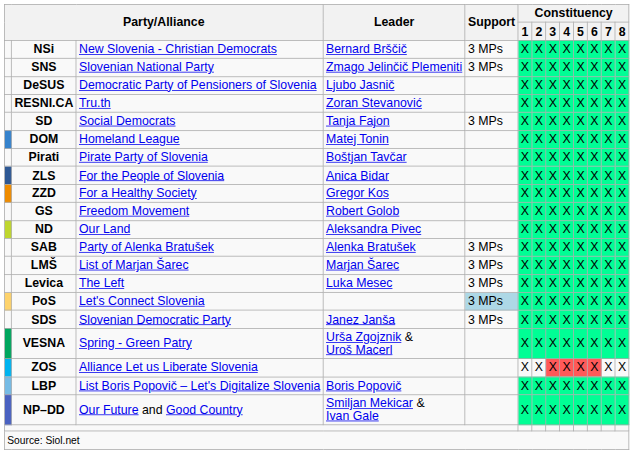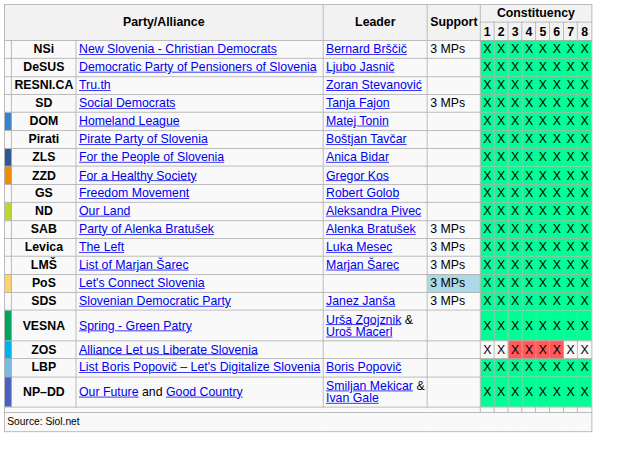 <table class="wikitable collapsible collapsed" style="line-height:16px;">
 <tr>
 <th colspan="3" rowspan="2">Party/Alliance</th>
 <th rowspan="2">Leader</th>
 <th rowspan="2">Support</th>
 <th colspan="8">Constituency</th>
 </tr>
 <tr>
 <th>1</th>
 <th>2</th>
 <th>3</th>
 <th>4</th>
 <th>5</th>
 <th>6</th>
 <th>7</th>
 <th>8</th>
 </tr>
 <tr>
 <td style="background:"></td>
 <td style="text-align:center;"><strong>NSi</strong></td>
 <td><a href='#'>New Slovenia - Christian Democrats</a><br></td>
 <td><a href='#'>Bernard Brščič</a></td>
-<td>3 MPs</td>
-<td style="background:#00FE95">X</td>
-<td style="background:#00FE95">X</td>
-<td style="background:#00FE95">X</td>
-<td style="background:#00FE95">X</td>
-<td style="background:#00FE95">X</td>
-<td style="background:#00FE95">X</td>
-<td style="background:#00FE95">X</td>
-<td style="background:#00FE95">X</td>
-</tr>
-<tr>
-<td style="background:"></td>
-<td style="text-align:center;"><strong>SNS</strong></td>
-<td><a href='#'>Slovenian National Party</a><br></td>
-<td><a href='#'>Zmago Jelinčič Plemeniti</a></td>
 <td>3 MPs</td>
 <td style="background:#00FE95">X</td>
 <td style="background:#00FE95">X</td>
 <td style="background:#00FE95">X</td>
 <td style="background:#00FE95">X</td>
 <td style="background:#00FE95">X</td>
 <td style="background:#00FE95">X</td>
 <td style="background:#00FE95">X</td>
 <td style="background:#00FE95">X</td>
 </tr>
 <tr>
 <td style="background:"></td>
 <td style="text-align:center;"><strong>DeSUS</strong></td>
 <td><a href='#'>Democratic Party of Pensioners of Slovenia</a><br></td>
 <td><a href='#'>Ljubo Jasnič</a></td>
 <td></td>
 <td style="background:#00FE95">X</td>
 <td style="background:#00FE95">X</td>
 <td style="background:#00FE95">X</td>
 <td style="background:#00FE95">X</td>
 <td style="background:#00FE95">X</td>
 <td style="background:#00FE95">X</td>
 <td style="background:#00FE95">X</td>
 <td style="background:#00FE95">X</td>
 </tr>
 <tr>
 <td style="background:"></td>
 <td style="text-align:center;"><strong>RESNI.CA</strong></td>
 <td><a href='#'>Tru.th</a><br></td>
 <td><a href='#'>Zoran Stevanović</a></td>
 <td></td>
 <td style="background:#00FE95">X</td>
 <td style="background:#00FE95">X</td>
 <td style="background:#00FE95">X</td>
 <td style="background:#00FE95">X</td>
 <td style="background:#00FE95">X</td>
 <td style="background:#00FE95">X</td>
 <td style="background:#00FE95">X</td>
 <td style="background:#00FE95">X</td>
 </tr>
 <tr>
 <td style="background:"></td>
 <td style="text-align:center;"><strong>SD</strong></td>
 <td><a href='#'>Social Democrats</a><br></td>
 <td><a href='#'>Tanja Fajon</a></td>
 <td>3 MPs</td>
 <td style="background:#00FE95">X</td>
 <td style="background:#00FE95">X</td>
 <td style="background:#00FE95">X</td>
 <td style="background:#00FE95">X</td>
 <td style="background:#00FE95">X</td>
 <td style="background:#00FE95">X</td>
 <td style="background:#00FE95">X</td>
 <td style="background:#00FE95">X</td>
 </tr>
 <tr>
 <td style="background:#3683cd"></td>
 <td style="text-align:center;"><strong>DOM</strong></td>
 <td><a href='#'>Homeland League</a><br></td>
 <td><a href='#'>Matej Tonin</a></td>
 <td></td>
 <td style="background:#00FE95">X</td>
 <td style="background:#00FE95">X</td>
 <td style="background:#00FE95">X</td>
 <td style="background:#00FE95">X</td>
 <td style="background:#00FE95">X</td>
 <td style="background:#00FE95">X</td>
 <td style="background:#00FE95">X</td>
 <td style="background:#00FE95">X</td>
 </tr>
 <tr>
 <td style="background:"></td>
 <td style="text-align:center;"><strong>Pirati</strong></td>
 <td><a href='#'>Pirate Party of Slovenia</a><br></td>
 <td><a href='#'>Boštjan Tavčar</a></td>
 <td></td>
 <td style="background:#00FE95">X</td>
 <td style="background:#00FE95">X</td>
 <td style="background:#00FE95">X</td>
 <td style="background:#00FE95">X</td>
 <td style="background:#00FE95">X</td>
 <td style="background:#00FE95">X</td>
 <td style="background:#00FE95">X</td>
 <td style="background:#00FE95">X</td>
 </tr>
 <tr>
 <td style="width:2px; background:#2E5894"></td>
 <td style="text-align:center;"><strong>ZLS</strong></td>
 <td><a href='#'>For the People of Slovenia</a><br></td>
 <td><a href='#'>Anica Bidar</a></td>
 <td></td>
 <td style="background:#00FE95">X</td>
 <td style="background:#00FE95">X</td>
 <td style="background:#00FE95">X</td>
 <td style="background:#00FE95">X</td>
 <td style="background:#00FE95">X</td>
 <td style="background:#00FE95">X</td>
 <td style="background:#00FE95">X</td>
 <td style="background:#00FE95">X</td>
 </tr>
 <tr>
 <td style="background:#ef8c00"></td>
 <td style="text-align:center;"><strong>ZZD</strong></td>
 <td><a href='#'>For a Healthy Society</a><br></td>
 <td><a href='#'>Gregor Kos</a></td>
 <td></td>
 <td style="background:#00FE95">X</td>
 <td style="background:#00FE95">X</td>
 <td style="background:#00FE95">X</td>
 <td style="background:#00FE95">X</td>
 <td style="background:#00FE95">X</td>
 <td style="background:#00FE95">X</td>
 <td style="background:#00FE95">X</td>
 <td style="background:#00FE95">X</td>
 </tr>
 <tr>
 <td style="background:"></td>
 <td style="text-align:center;"><strong>GS</strong></td>
 <td><a href='#'>Freedom Movement</a><br></td>
 <td><a href='#'>Robert Golob</a></td>
 <td></td>
 <td style="background:#00FE95">X</td>
 <td style="background:#00FE95">X</td>
 <td style="background:#00FE95">X</td>
 <td style="background:#00FE95">X</td>
 <td style="background:#00FE95">X</td>
 <td style="background:#00FE95">X</td>
 <td style="background:#00FE95">X</td>
 <td style="background:#00FE95">X</td>
 </tr>
 <tr>
 <td style="background:#bfd62e"></td>
 <td style="text-align:center;"><strong>ND</strong></td>
 <td><a href='#'>Our Land</a><br></td>
 <td><a href='#'>Aleksandra Pivec</a></td>
 <td></td>
 <td style="background:#00FE95">X</td>
 <td style="background:#00FE95">X</td>
 <td style="background:#00FE95">X</td>
 <td style="background:#00FE95">X</td>
 <td style="background:#00FE95">X</td>
 <td style="background:#00FE95">X</td>
 <td style="background:#00FE95">X</td>
 <td style="background:#00FE95">X</td>
 </tr>
 <tr>
 <td style="background:"></td>
 <td style="text-align:center;"><strong>SAB</strong></td>
 <td><a href='#'>Party of Alenka Bratušek</a><br></td>
 <td><a href='#'>Alenka Bratušek</a></td>
 <td>3 MPs</td>
 <td style="background:#00FE95">X</td>
 <td style="background:#00FE95">X</td>
 <td style="background:#00FE95">X</td>
 <td style="background:#00FE95">X</td>
 <td style="background:#00FE95">X</td>
 <td style="background:#00FE95">X</td>
 <td style="background:#00FE95">X</td>
 <td style="background:#00FE95">X</td>
 </tr>
 <tr>
 <td style="background:"></td>
-<td style="text-align:center;"><strong>LMŠ</strong></td>
-<td><a href='#'>List of Marjan Šarec</a><br></td>
-<td><a href='#'>Marjan Šarec</a></td>
+<td style="text-align:center;"><strong>Levica</strong></td>
+<td><a href='#'>The Left</a><br></td>
+<td><a href='#'>Luka Mesec</a></td>
 <td>3 MPs</td>
 <td style="background:#00FE95">X</td>
 <td style="background:#00FE95">X</td>
 <td style="background:#00FE95">X</td>
 <td style="background:#00FE95">X</td>
 <td style="background:#00FE95">X</td>
 <td style="background:#00FE95">X</td>
 <td style="background:#00FE95">X</td>
 <td style="background:#00FE95">X</td>
 </tr>
 <tr>
 <td style="background:"></td>
-<td style="text-align:center;"><strong>Levica</strong></td>
-<td><a href='#'>The Left</a><br></td>
-<td><a href='#'>Luka Mesec</a></td>
+<td style="text-align:center;"><strong>LMŠ</strong></td>
+<td><a href='#'>List of Marjan Šarec</a><br></td>
+<td><a href='#'>Marjan Šarec</a></td>
 <td>3 MPs</td>
 <td style="background:#00FE95">X</td>
 <td style="background:#00FE95">X</td>
 <td style="background:#00FE95">X</td>
 <td style="background:#00FE95">X</td>
 <td style="background:#00FE95">X</td>
 <td style="background:#00FE95">X</td>
 <td style="background:#00FE95">X</td>
 <td style="background:#00FE95">X</td>
 </tr>
 <tr>
 <td style="background:#fed36c;"></td>
 <td style="text-align:center;"><strong>PoS</strong></td>
 <td><a href='#'>Let's Connect Slovenia</a><br></td>
 <td></td>
 <td style="background: lightblue;">3 MPs</td>
 <td style="background:#00FE95">X</td>
 <td style="background:#00FE95">X</td>
 <td style="background:#00FE95">X</td>
 <td style="background:#00FE95">X</td>
 <td style="background:#00FE95">X</td>
 <td style="background:#00FE95">X</td>
 <td style="background:#00FE95">X</td>
 <td style="background:#00FE95">X</td>
 </tr>
 <tr>
 <td style="background:"></td>
 <td style="text-align:center;"><strong>SDS</strong></td>
 <td><a href='#'>Slovenian Democratic Party</a><br></td>
 <td><a href='#'>Janez Janša</a></td>
 <td>3 MPs</td>
 <td style="background:#00FE95">X</td>
 <td style="background:#00FE95">X</td>
 <td style="background:#00FE95">X</td>
 <td style="background:#00FE95">X</td>
 <td style="background:#00FE95">X</td>
 <td style="background:#00FE95">X</td>
 <td style="background:#00FE95">X</td>
 <td style="background:#00FE95">X</td>
 </tr>
 <tr>
 <td style="background:#00A65E"></td>
 <td style="text-align:center;"><strong>VESNA</strong></td>
 <td><a href='#'>Spring - Green Patry</a><br></td>
 <td><a href='#'>Urša Zgojznik</a> &<br><a href='#'>Uroš Macerl</a></td>
 <td></td>
 <td style="background:#00FE95">X</td>
 <td style="background:#00FE95">X</td>
 <td style="background:#00FE95">X</td>
 <td style="background:#00FE95">X</td>
 <td style="background:#00FE95">X</td>
 <td style="background:#00FE95">X</td>
 <td style="background:#00FE95">X</td>
 <td style="background:#00FE95">X</td>
 </tr>
 <tr>
 <td style="background:#00b3ef"></td>
 <td style="text-align:center;"><strong>ZOS</strong></td>
 <td><a href='#'>Alliance Let us Liberate Slovenia</a><br></td>
 <td></td>
 <td></td>
 <td>X</td>
 <td>X</td>
 <td style="background:#ff5959">X</td>
 <td style="background:#ff5959">X</td>
 <td style="background:#ff5959">X</td>
 <td style="background:#ff5959">X</td>
 <td>X</td>
 <td>X</td>
 </tr>
 <tr>
 <td style="background:#76bbe5"></td>
 <td style="text-align:center;"><strong>LBP</strong></td>
 <td><a href='#'>List Boris Popovič – Let's Digitalize Slovenia</a><br></td>
 <td><a href='#'>Boris Popovič</a></td>
 <td></td>
 <td style="background:#00FE95">X</td>
 <td style="background:#00FE95">X</td>
 <td style="background:#00FE95">X</td>
 <td style="background:#00FE95">X</td>
 <td style="background:#00FE95">X</td>
 <td style="background:#00FE95">X</td>
 <td style="background:#00FE95">X</td>
 <td style="background:#00FE95">X</td>
 </tr>
 <tr>
 <td style="background:#4961c1"></td>
 <td style="text-align:center;"><strong>NP–DD</strong></td>
 <td><a href='#'>Our Future</a> and <a href='#'>Good Country</a><br></td>
 <td><a href='#'>Smiljan Mekicar</a> &<br><a href='#'>Ivan Gale</a></td>
 <td></td>
 <td style="background:#00FE95">X</td>
 <td style="background:#00FE95">X</td>
 <td style="background:#00FE95">X</td>
 <td style="background:#00FE95">X</td>
 <td style="background:#00FE95">X</td>
 <td style="background:#00FE95">X</td>
 <td style="background:#00FE95">X</td>
 <td style="background:#00FE95">X</td>
 </tr>
 <tr>
 <td colspan="5"></td>
 <td><em></em></td>
 <td><em></em></td>
 <td><em></em></td>
 <td><em></em></td>
 <td><em></em></td>
 <td><em></em></td>
 <td><em></em></td>
 <td><em></em></td>
 </tr>
 <tr>
 <td colspan="13"><small>Source: Siol.net</small></td>
 </tr>
 </table>
